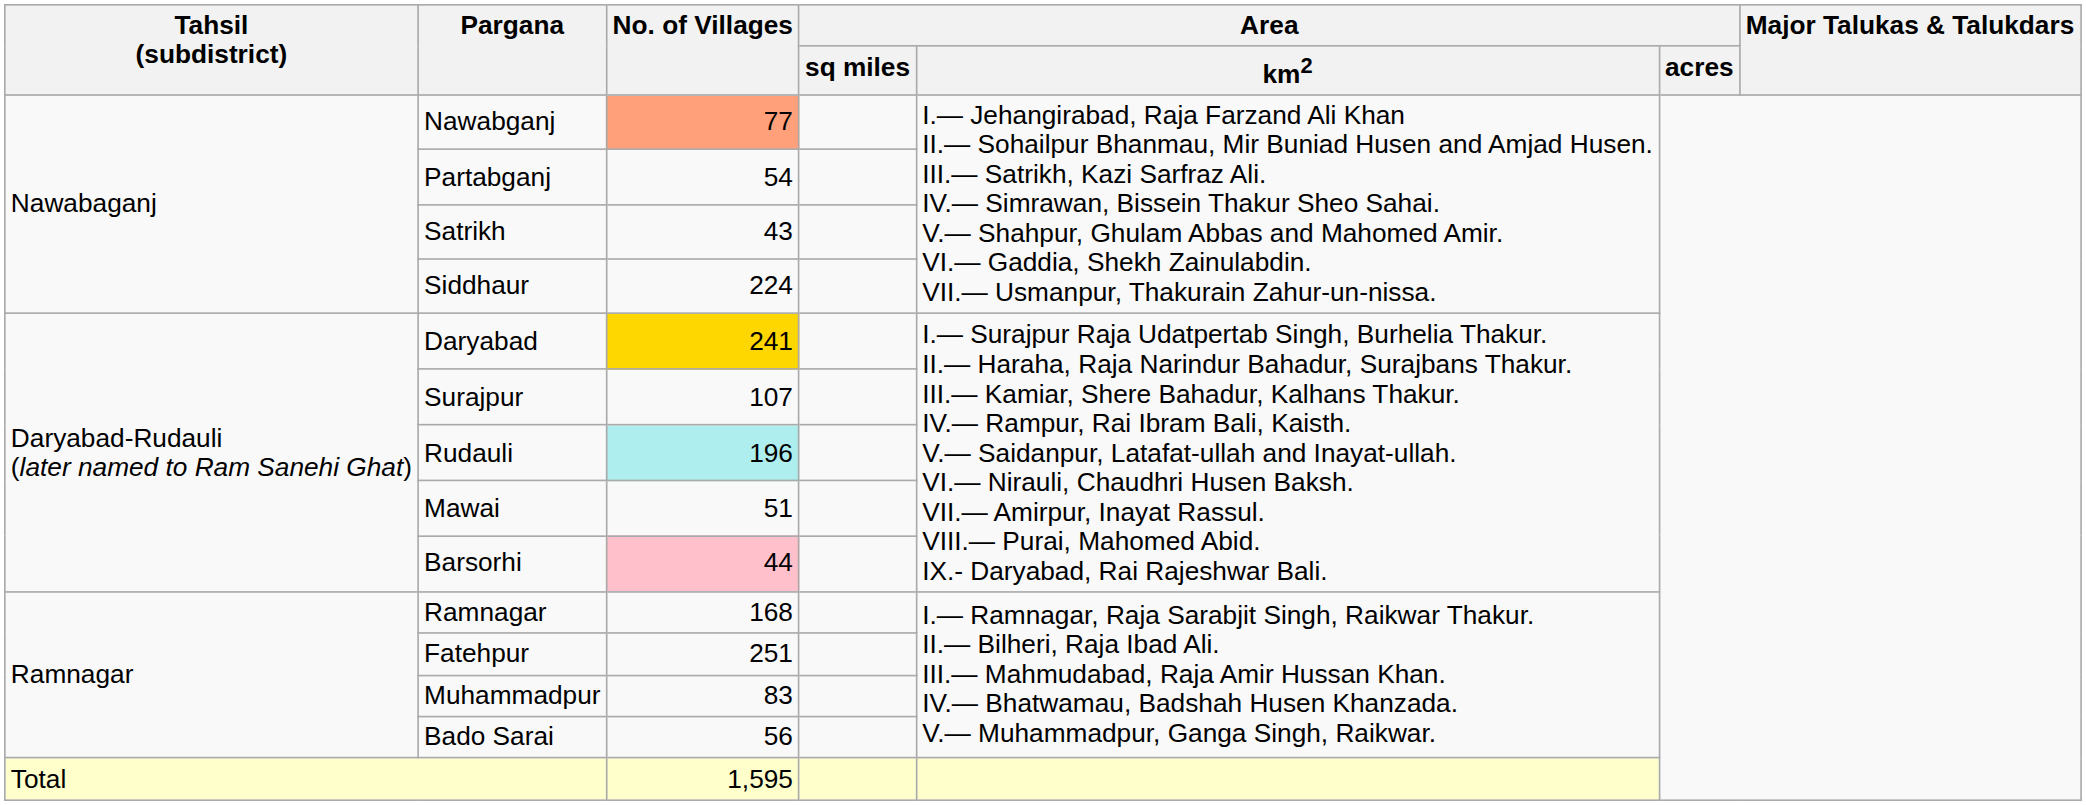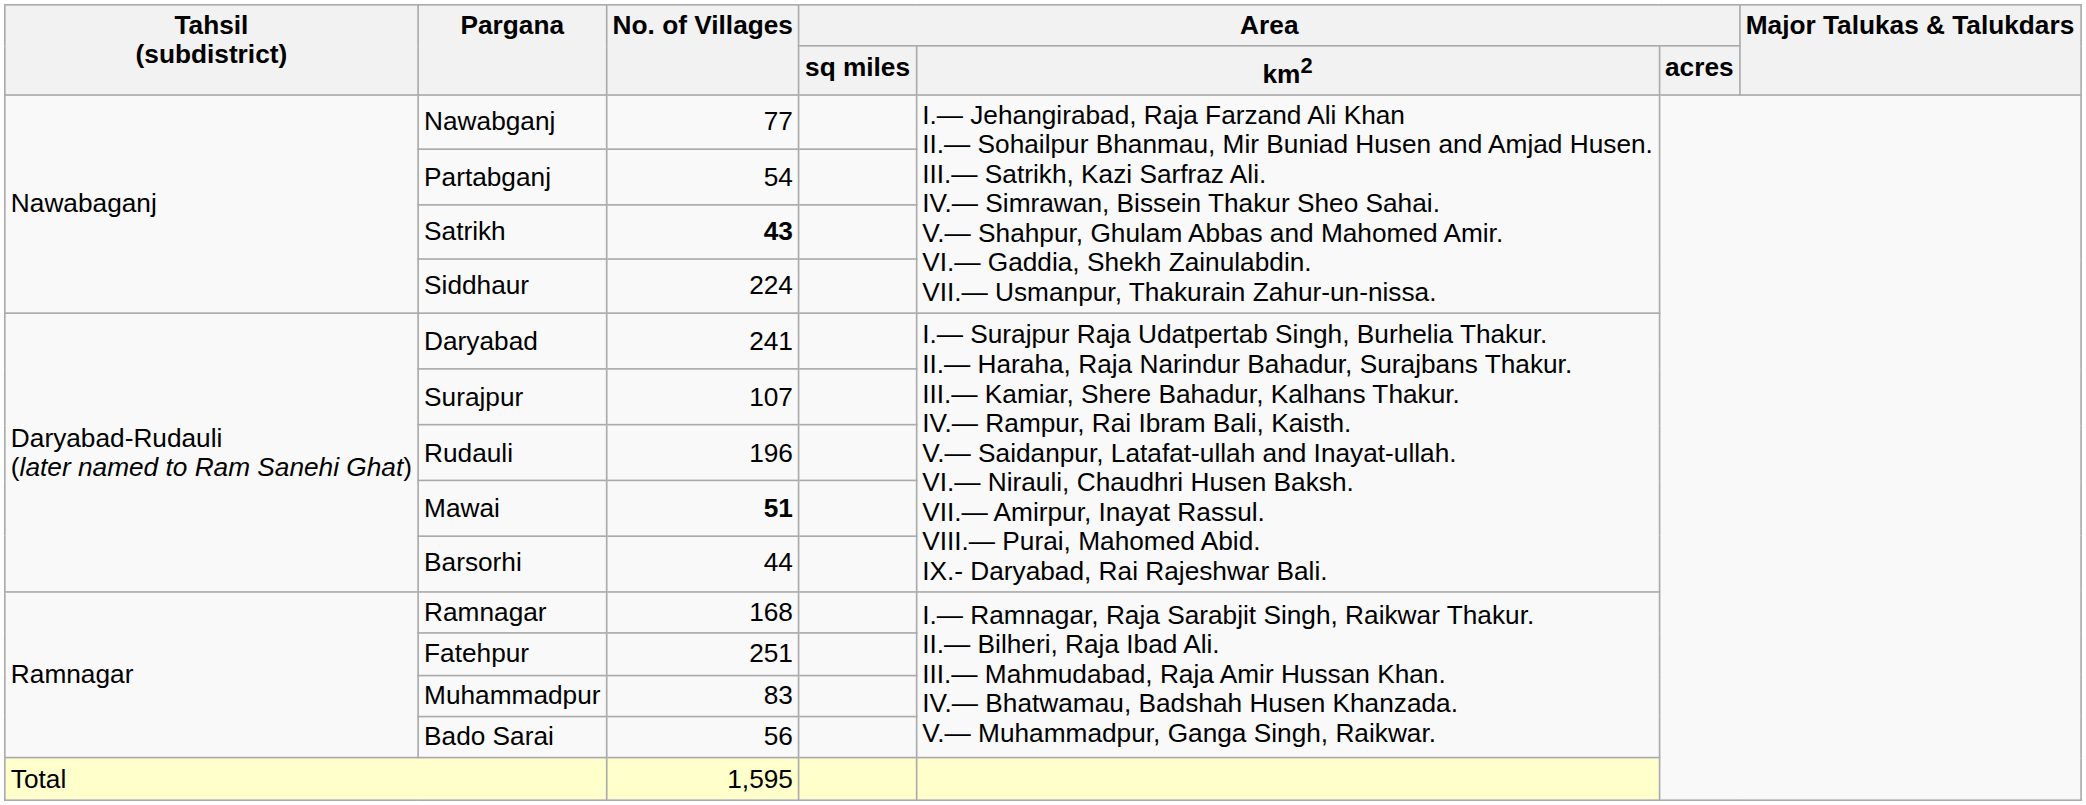 <table class="wikitable mw-collapsible mw-collapsed">
 <tr valign=top>
 <th rowspan=2>Tahsil<br>(subdistrict)</th>
 <th rowspan=2>Pargana</th>
 <th rowspan=2>No. of Villages</th>
 <th colspan=3>Area</th>
 <th rowspan=2>Major Talukas & Talukdars</th>
 </tr>
 <tr valign=top>
 <th>sq miles</th>
 <th>km<sup>2</sup></th>
 <th>acres</th>
 </tr>
 <tr>
 <td rowspan=4>Nawabaganj</td>
 <td>Nawabganj</td>
-<td align="right" style="background: lightsalmon;">77</td>
+<td align="right">77</td>
 <td></td>
 <td rowspan=4>I.— Jehangirabad, Raja Farzand Ali Khan<br> II.— Sohailpur Bhanmau, Mir Buniad Husen and Amjad Husen. <br> III.— Satrikh, Kazi Sarfraz Ali. <br> IV.— Simrawan, Bissein Thakur Sheo Sahai. <br> V.— Shahpur, Ghulam Abbas and Mahomed Amir. <br> VI.— Gaddia, Shekh Zainulabdin. <br> VII.— Usmanpur, Thakurain Zahur-un-nissa.</td>
 </tr>
 <tr>
 <td>Partabganj</td>
 <td align="right">54</td>
 <td></td>
 </tr>
 <tr>
 <td>Satrikh</td>
-<td align="right">43</td>
+<td align="right"><strong>43</strong></td>
 <td></td>
 </tr>
 <tr>
 <td>Siddhaur</td>
 <td align="right">224</td>
 <td></td>
 </tr>
 <tr>
 <td rowspan=5>Daryabad-Rudauli<br> (<em>later named to Ram Sanehi Ghat</em>)</td>
 <td>Daryabad</td>
-<td align="right" style="background: gold;">241</td>
+<td align="right">241</td>
 <td></td>
 <td rowspan=5>I.— Surajpur Raja Udatpertab Singh, Burhelia Thakur. <br> II.— Haraha, Raja Narindur Bahadur, Surajbans Thakur. <br> III.— Kamiar, Shere Bahadur, Kalhans Thakur. <br> IV.— Rampur, Rai Ibram Bali, Kaisth. <br> V.— Saidanpur, Latafat-ullah and Inayat-ullah. <br> VI.— Nirauli, Chaudhri Husen Baksh. <br> VII.— Amirpur, Inayat Rassul. <br> VIII.— Purai, Mahomed Abid.<br>IX.- Daryabad, Rai Rajeshwar Bali.</td>
 </tr>
 <tr>
 <td>Surajpur</td>
 <td align="right">107</td>
 <td></td>
 </tr>
 <tr>
 <td>Rudauli</td>
-<td align="right" style="background: paleturquoise;">196</td>
+<td align="right">196</td>
 <td></td>
 </tr>
 <tr>
 <td>Mawai</td>
-<td align="right">51</td>
+<td align="right"><strong>51</strong></td>
 <td></td>
 </tr>
 <tr>
 <td>Barsorhi</td>
-<td align="right" style="background: pink;">44</td>
+<td align="right">44</td>
 <td></td>
 </tr>
 <tr>
 <td rowspan=4>Ramnagar</td>
 <td>Ramnagar</td>
 <td align="right">168</td>
 <td></td>
 <td rowspan=4>I.— Ramnagar, Raja Sarabjit Singh, Raikwar Thakur. <br>II.— Bilheri, Raja Ibad Ali. <br>III.— Mahmudabad, Raja Amir Hussan Khan. <br>IV.— Bhatwamau, Badshah Husen Khanzada. <br>V.— Muhammadpur, Ganga Singh, Raikwar.</td>
 </tr>
 <tr>
 <td>Fatehpur</td>
 <td align="right">251</td>
 <td></td>
 </tr>
 <tr>
 <td>Muhammadpur</td>
 <td align="right">83</td>
 <td></td>
 </tr>
 <tr>
 <td>Bado Sarai</td>
 <td align="right">56</td>
 <td></td>
 </tr>
 <tr style="background: #ffffcc">
 <td colspan=2>Total</td>
 <td align=right>1,595</td>
 <td></td>
 <td></td>
 </tr>
 </table>
